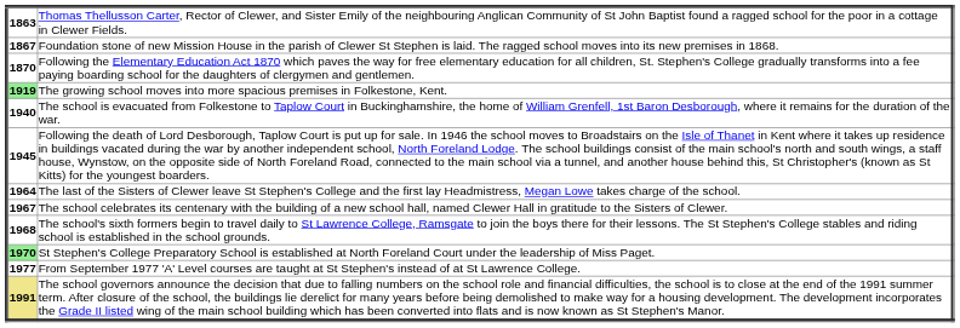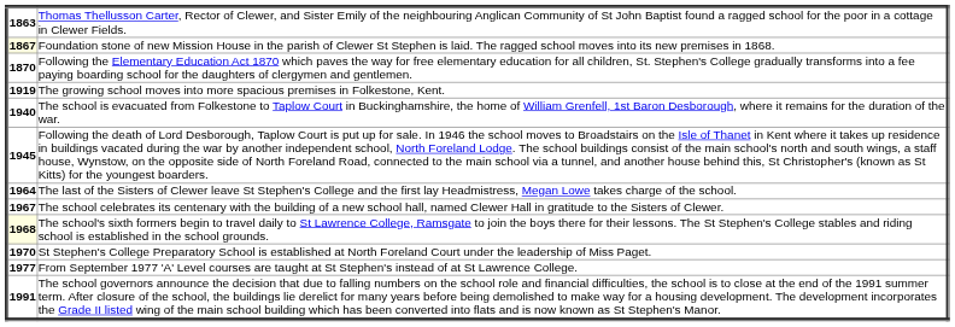 <table border="5" style="border-collapse: collapse;">
 <tr>
 <td><strong>1863 </strong></td>
 <td><a href='#'>Thomas Thellusson Carter</a>, Rector of Clewer, and Sister Emily of the neighbouring Anglican Community of St John Baptist found a ragged school for the poor in a cottage in Clewer Fields.</td>
 </tr>
 <tr>
-<td><strong>1867 </strong></td>
+<td style="background: lightyellow;"><strong>1867 </strong></td>
 <td>Foundation stone of new Mission House in the parish of Clewer St Stephen is laid. The ragged school moves into its new premises in 1868.</td>
 </tr>
 <tr>
 <td><strong>1870 </strong></td>
 <td>Following the <a href='#'>Elementary Education Act 1870</a> which paves the way for free elementary education for all children, St. Stephen's College gradually transforms into a fee paying boarding school for the daughters of clergymen and gentlemen.</td>
 </tr>
 <tr>
-<td style="background: lightgreen;"><strong>1919 </strong></td>
+<td><strong>1919 </strong></td>
 <td>The growing school moves into more spacious premises in Folkestone, Kent.</td>
 </tr>
 <tr>
 <td><strong>1940 </strong></td>
 <td>The school is evacuated from Folkestone to <a href='#'>Taplow Court</a> in Buckinghamshire, the home of <a href='#'>William Grenfell, 1st Baron Desborough</a>, where it remains for the duration of the war.</td>
 </tr>
 <tr>
 <td><strong>1945 </strong></td>
 <td>Following the death of Lord Desborough, Taplow Court is put up for sale. In 1946 the school moves to Broadstairs on the <a href='#'>Isle of Thanet</a> in Kent where it takes up residence in buildings vacated during the war by another independent school, <a href='#'>North Foreland Lodge</a>. The school buildings consist of the main school's north and south wings, a staff house, Wynstow, on the opposite side of North Foreland Road, connected to the main school via a tunnel, and another house behind this, St Christopher's (known as St Kitts) for the youngest boarders.</td>
 </tr>
 <tr>
 <td><strong>1964 </strong></td>
 <td>The last of the Sisters of Clewer leave St Stephen's College and the first lay Headmistress, <a href='#'>Megan Lowe</a> takes charge of the school.</td>
 </tr>
 <tr>
 <td><strong>1967 </strong></td>
 <td>The school celebrates its centenary with the building of a new school hall, named Clewer Hall in gratitude to the Sisters of Clewer.</td>
 </tr>
 <tr>
-<td><strong>1968</strong></td>
+<td style="background: lightyellow;"><strong>1968</strong></td>
 <td>The school's sixth formers begin to travel daily to <a href='#'>St Lawrence College, Ramsgate</a> to join the boys there for their lessons. The St Stephen's College stables and riding school is established in the school grounds.</td>
 </tr>
 <tr>
-<td style="background: lightgreen;"><strong>1970</strong></td>
+<td><strong>1970</strong></td>
 <td>St Stephen's College Preparatory School is established at North Foreland Court under the leadership of Miss Paget.</td>
 </tr>
 <tr>
 <td><strong>1977</strong></td>
 <td>From September 1977 'A' Level courses are taught at St Stephen's instead of at St Lawrence College.</td>
 </tr>
 <tr>
-<td style="background: khaki;"><strong>1991</strong></td>
+<td><strong>1991</strong></td>
 <td>The school governors announce the decision that due to falling numbers on the school role and financial difficulties, the school is to close at the end of the 1991 summer term. After closure of the school, the buildings lie derelict for many years before being demolished to make way for a housing development. The development incorporates the <a href='#'>Grade II listed</a> wing of the main school building which has been converted into flats and is now known as St Stephen's Manor.</td>
 </tr>
 </table>
